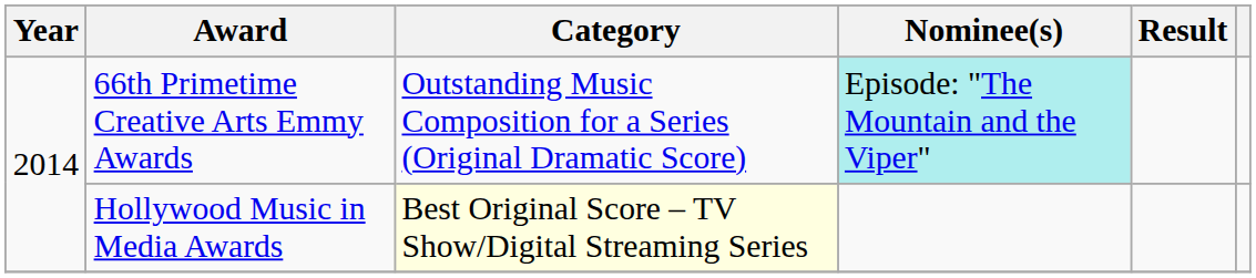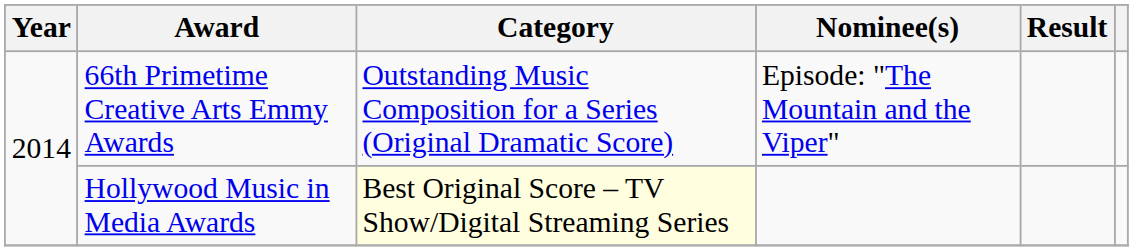 <table class="wikitable sortable plainrowheaders">
 <tr>
 <th>Year</th>
 <th>Award</th>
 <th>Category</th>
 <th>Nominee(s)</th>
 <th>Result</th>
 <th class="unsortable"></th>
 </tr>
 <tr>
 <td rowspan="2">2014</td>
 <td scope="row"><a href='#'>66th Primetime Creative Arts Emmy Awards</a></td>
 <td scope="row"><a href='#'>Outstanding Music Composition for a Series (Original Dramatic Score)</a></td>
-<td scope="row" style="background: paleturquoise;">Episode: "<a href='#'>The Mountain and the Viper</a>"</td>
+<td scope="row">Episode: "<a href='#'>The Mountain and the Viper</a>"</td>
 <td></td>
 <td></td>
 </tr>
 <tr>
 <td scope="row"><a href='#'>Hollywood Music in Media Awards</a></td>
 <td scope="row" style="background: lightyellow;">Best Original Score – TV Show/Digital Streaming Series</td>
 <td scope="row"></td>
 <td></td>
 <td></td>
 </tr>
 <tr>
 </tr>
 </table>
